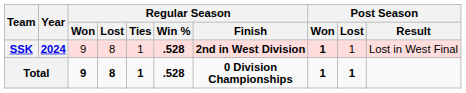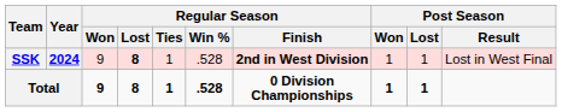 <table class="wikitable" style="font-size: 95%; text-align:center;">
 <tr>
 <th rowspan="2">Team</th>
 <th rowspan="2">Year</th>
 <th colspan="5">Regular Season</th>
 <th colspan="4">Post Season</th>
 </tr>
 <tr>
 <th>Won</th>
 <th>Lost</th>
 <th>Ties</th>
 <th>Win %</th>
 <th>Finish</th>
 <th>Won</th>
 <th>Lost</th>
 <th>Result</th>
 </tr>
 <tr ! style="background:#fdd;">
 <th><a href='#'>SSK</a></th>
 <th><a href='#'>2024</a></th>
 <td>9</td>
-<td>8</td>
+<td><strong>8</strong></td>
 <td>1</td>
-<td><strong>.528</strong></td>
+<td>.528</td>
 <td><strong>2nd in West Division</strong></td>
-<td><strong>1</strong></td>
+<td>1</td>
 <td>1</td>
 <td>Lost in West Final</td>
 </tr>
 <tr>
 <th colspan="2"><strong>Total</strong></th>
 <td><strong>9</strong></td>
 <td><strong>8</strong></td>
 <td><strong>1</strong></td>
 <td><strong>.528</strong></td>
 <td><strong>0 Division<br>Championships</strong></td>
 <td><strong>1</strong></td>
 <td><strong>1</strong></td>
 <td></td>
 </tr>
 </table>
